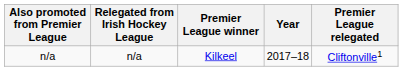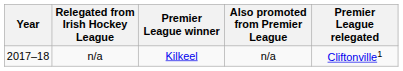 <table class="wikitable">
 <tr>
-<th width="120">Also promoted from Premier League</th>
+<th>Year</th>
 <th width="120">Relegated from Irish Hockey League</th>
 <th width="120">Premier League winner</th>
-<th>Year</th>
+<th width="120">Also promoted from Premier League</th>
 <th width="120">Premier League relegated</th>
 </tr>
 <tr>
-<td align="center">n/a</td>
+<td align="center">2017–18</td>
 <td align="center">n/a</td>
 <td align="center"><a href='#'>Kilkeel</a></td>
-<td align="center">2017–18</td>
+<td align="center">n/a</td>
 <td align="center"><a href='#'>Cliftonville</a><sup>1</sup></td>
 </tr>
 </table>
